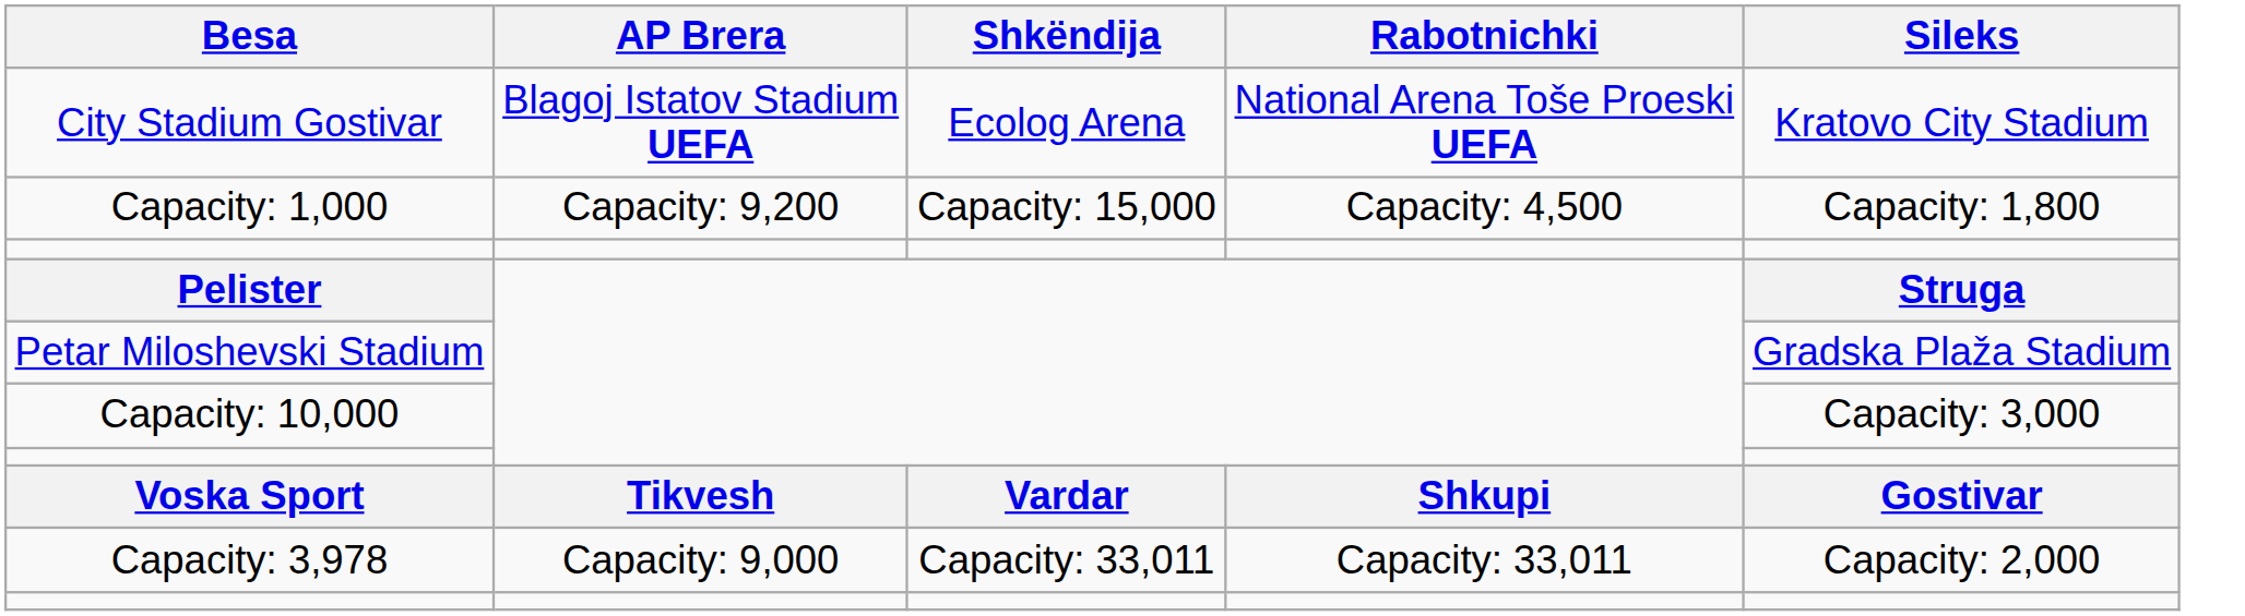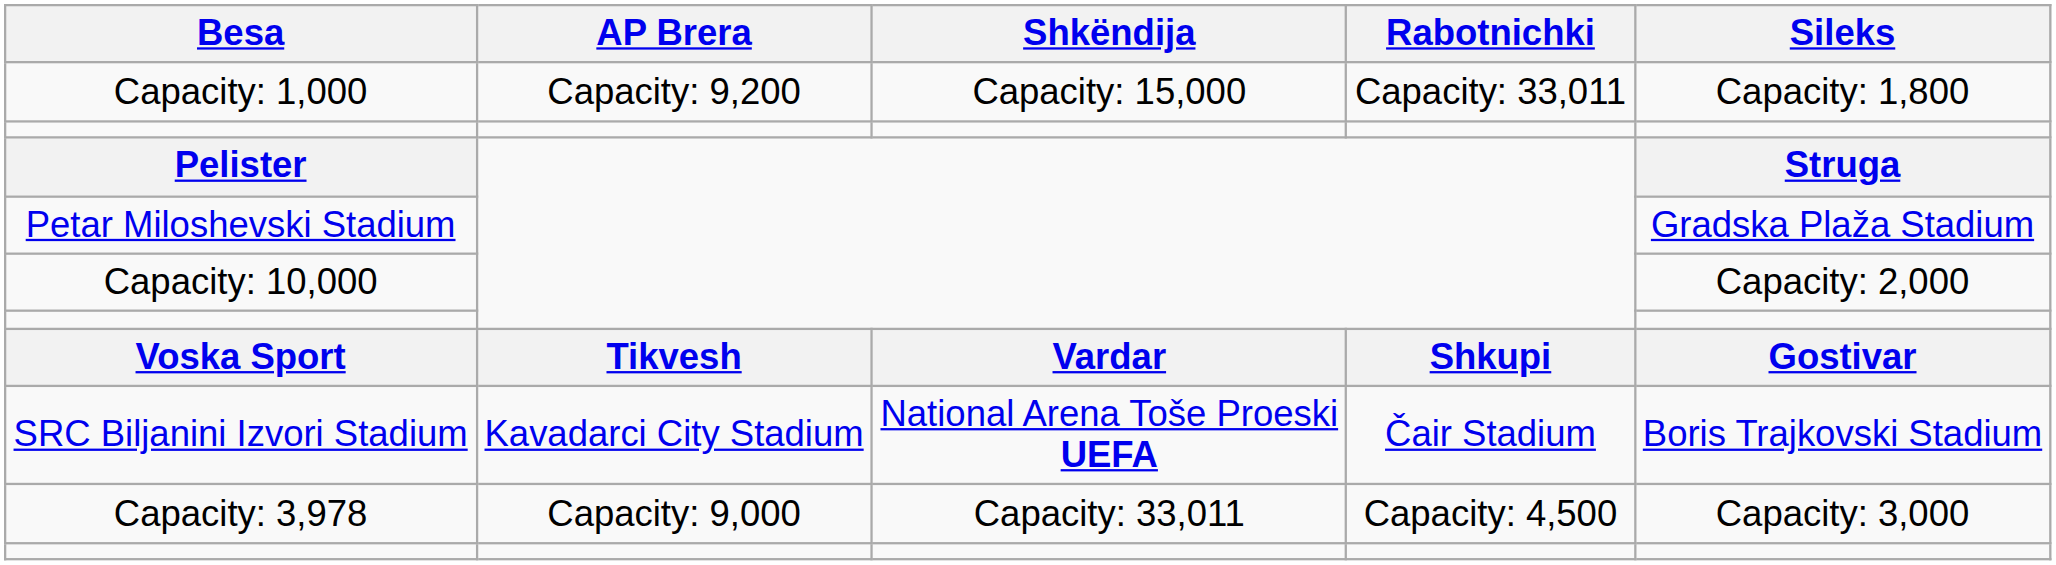 <table class="wikitable" style="text-align:center">
 <tr>
 <th><a href='#'>Besa</a></th>
 <th><a href='#'>AP Brera</a></th>
 <th><a href='#'>Shkëndija</a></th>
 <th><a href='#'>Rabotnichki</a></th>
 <th><a href='#'>Sileks</a></th>
 </tr>
 <tr>
-<td><a href='#'>City Stadium Gostivar</a></td>
-<td><a href='#'>Blagoj Istatov Stadium</a><br><strong><a href='#'>UEFA</a></strong> </td>
-<td><a href='#'>Ecolog Arena</a></td>
-<td><a href='#'>National Arena Toše Proeski</a> <br><strong><a href='#'>UEFA</a></strong> </td>
-<td><a href='#'>Kratovo City Stadium</a></td>
-</tr>
-<tr>
 <td>Capacity: 1,000</td>
 <td>Capacity: 9,200</td>
 <td>Capacity: 15,000</td>
-<td>Capacity: 4,500</td>
+<td>Capacity: 33,011</td>
 <td>Capacity: 1,800</td>
 </tr>
 <tr>
 <td></td>
 <td></td>
 <td></td>
 <td></td>
 <td></td>
 </tr>
 <tr>
 <th><a href='#'>Pelister</a></th>
 <td colspan="3" rowspan="4"><br> </td>
 <th><a href='#'>Struga</a></th>
 </tr>
 <tr>
 <td><a href='#'>Petar Miloshevski Stadium</a></td>
 <td><a href='#'>Gradska Plaža Stadium</a></td>
 </tr>
 <tr>
 <td>Capacity: 10,000</td>
-<td>Capacity: 3,000</td>
+<td>Capacity: 2,000</td>
 </tr>
 <tr>
 <td></td>
 <td></td>
 </tr>
 <tr>
 <th><a href='#'>Voska Sport</a></th>
 <th><a href='#'>Tikvesh</a></th>
 <th><a href='#'>Vardar</a></th>
 <th><a href='#'>Shkupi</a></th>
 <th><a href='#'>Gostivar</a></th>
 </tr>
 <tr>
+<td><a href='#'>SRC Biljanini Izvori Stadium</a></td>
+<td><a href='#'>Kavadarci City Stadium</a></td>
+<td><a href='#'>National Arena Toše Proeski</a> <br><strong><a href='#'>UEFA</a></strong> </td>
+<td><a href='#'>Čair Stadium</a></td>
+<td><a href='#'>Boris Trajkovski Stadium</a></td>
+</tr>
+<tr>
 <td>Capacity: 3,978</td>
 <td>Capacity: 9,000</td>
 <td>Capacity: 33,011</td>
-<td>Capacity: 33,011</td>
-<td>Capacity: 2,000</td>
+<td>Capacity: 4,500</td>
+<td>Capacity: 3,000</td>
 </tr>
 <tr>
 <td></td>
 <td></td>
 <td></td>
 <td></td>
 <td></td>
 </tr>
 </table>
